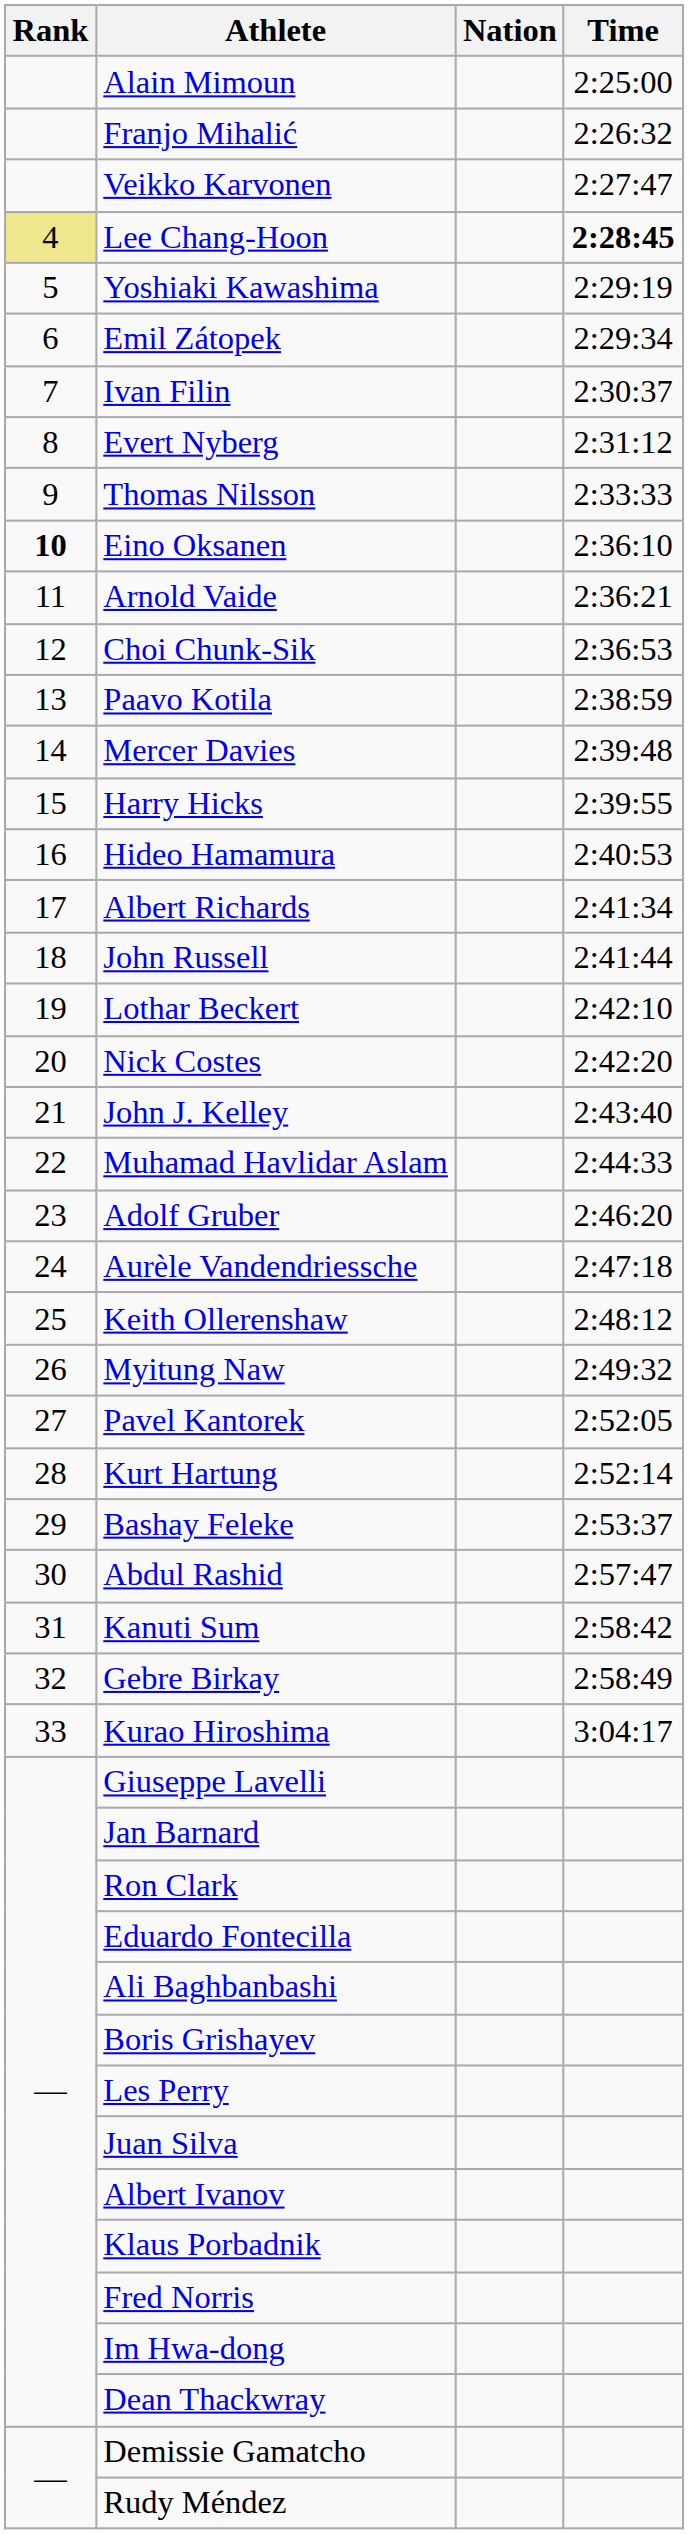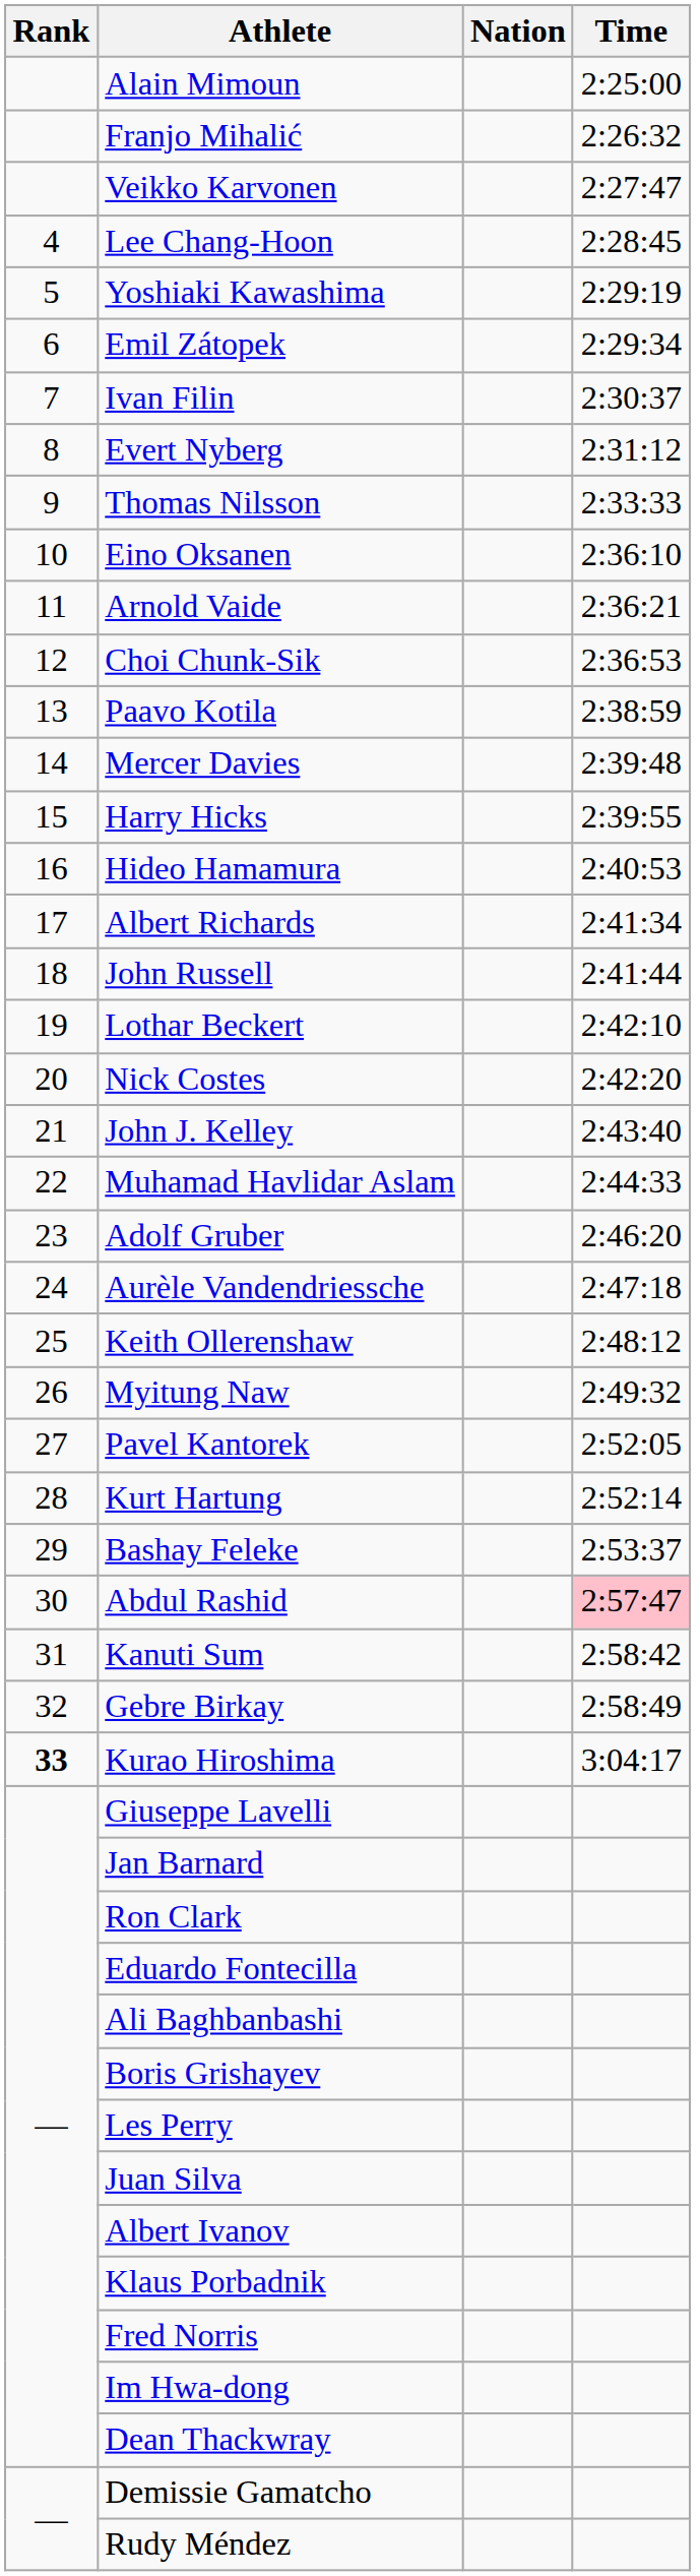 <table class="wikitable sortable" style="text-align:center">
 <tr>
 <th>Rank</th>
 <th>Athlete</th>
 <th>Nation</th>
 <th>Time</th>
 </tr>
 <tr>
 <td></td>
 <td align=left><a href='#'>Alain Mimoun</a></td>
 <td align=left></td>
 <td>2:25:00</td>
 </tr>
 <tr>
 <td></td>
 <td align=left><a href='#'>Franjo Mihalić</a></td>
 <td align=left></td>
 <td>2:26:32</td>
 </tr>
 <tr>
 <td></td>
 <td align=left><a href='#'>Veikko Karvonen</a></td>
 <td align=left></td>
 <td>2:27:47</td>
 </tr>
 <tr>
-<td style="background: khaki;">4</td>
+<td>4</td>
 <td align=left><a href='#'>Lee Chang-Hoon</a></td>
 <td align=left></td>
-<td><strong>2:28:45</strong></td>
+<td>2:28:45</td>
 </tr>
 <tr>
 <td>5</td>
 <td align=left><a href='#'>Yoshiaki Kawashima</a></td>
 <td align=left></td>
 <td>2:29:19</td>
 </tr>
 <tr>
 <td>6</td>
 <td align=left><a href='#'>Emil Zátopek</a></td>
 <td align=left></td>
 <td>2:29:34</td>
 </tr>
 <tr>
 <td>7</td>
 <td align=left><a href='#'>Ivan Filin</a></td>
 <td align=left></td>
 <td>2:30:37</td>
 </tr>
 <tr>
 <td>8</td>
 <td align=left><a href='#'>Evert Nyberg</a></td>
 <td align=left></td>
 <td>2:31:12</td>
 </tr>
 <tr>
 <td>9</td>
 <td align=left><a href='#'>Thomas Nilsson</a></td>
 <td align=left></td>
 <td>2:33:33</td>
 </tr>
 <tr>
-<td><strong>10</strong></td>
+<td>10</td>
 <td align=left><a href='#'>Eino Oksanen</a></td>
 <td align=left></td>
 <td>2:36:10</td>
 </tr>
 <tr>
 <td>11</td>
 <td align=left><a href='#'>Arnold Vaide</a></td>
 <td align=left></td>
 <td>2:36:21</td>
 </tr>
 <tr>
 <td>12</td>
 <td align=left><a href='#'>Choi Chunk-Sik</a></td>
 <td align=left></td>
 <td>2:36:53</td>
 </tr>
 <tr>
 <td>13</td>
 <td align=left><a href='#'>Paavo Kotila</a></td>
 <td align=left></td>
 <td>2:38:59</td>
 </tr>
 <tr>
 <td>14</td>
 <td align=left><a href='#'>Mercer Davies</a></td>
 <td align=left></td>
 <td>2:39:48</td>
 </tr>
 <tr>
 <td>15</td>
 <td align=left><a href='#'>Harry Hicks</a></td>
 <td align=left></td>
 <td>2:39:55</td>
 </tr>
 <tr>
 <td>16</td>
 <td align=left><a href='#'>Hideo Hamamura</a></td>
 <td align=left></td>
 <td>2:40:53</td>
 </tr>
 <tr>
 <td>17</td>
 <td align=left><a href='#'>Albert Richards</a></td>
 <td align=left></td>
 <td>2:41:34</td>
 </tr>
 <tr>
 <td>18</td>
 <td align=left><a href='#'>John Russell</a></td>
 <td align=left></td>
 <td>2:41:44</td>
 </tr>
 <tr>
 <td>19</td>
 <td align=left><a href='#'>Lothar Beckert</a></td>
 <td align=left></td>
 <td>2:42:10</td>
 </tr>
 <tr>
 <td>20</td>
 <td align=left><a href='#'>Nick Costes</a></td>
 <td align=left></td>
 <td>2:42:20</td>
 </tr>
 <tr>
 <td>21</td>
 <td align=left><a href='#'>John J. Kelley</a></td>
 <td align=left></td>
 <td>2:43:40</td>
 </tr>
 <tr>
 <td>22</td>
 <td align=left><a href='#'>Muhamad Havlidar Aslam</a></td>
 <td align=left></td>
 <td>2:44:33</td>
 </tr>
 <tr>
 <td>23</td>
 <td align=left><a href='#'>Adolf Gruber</a></td>
 <td align=left></td>
 <td>2:46:20</td>
 </tr>
 <tr>
 <td>24</td>
 <td align=left><a href='#'>Aurèle Vandendriessche</a></td>
 <td align=left></td>
 <td>2:47:18</td>
 </tr>
 <tr>
 <td>25</td>
 <td align=left><a href='#'>Keith Ollerenshaw</a></td>
 <td align=left></td>
 <td>2:48:12</td>
 </tr>
 <tr>
 <td>26</td>
 <td align=left><a href='#'>Myitung Naw</a></td>
 <td align=left></td>
 <td>2:49:32</td>
 </tr>
 <tr>
 <td>27</td>
 <td align=left><a href='#'>Pavel Kantorek</a></td>
 <td align=left></td>
 <td>2:52:05</td>
 </tr>
 <tr>
 <td>28</td>
 <td align=left><a href='#'>Kurt Hartung</a></td>
 <td align=left></td>
 <td>2:52:14</td>
 </tr>
 <tr>
 <td>29</td>
 <td align=left><a href='#'>Bashay Feleke</a></td>
 <td align=left></td>
 <td>2:53:37</td>
 </tr>
 <tr>
 <td>30</td>
 <td align=left><a href='#'>Abdul Rashid</a></td>
 <td align=left></td>
-<td>2:57:47</td>
+<td style="background: pink;">2:57:47</td>
 </tr>
 <tr>
 <td>31</td>
 <td align=left><a href='#'>Kanuti Sum</a></td>
 <td align=left></td>
 <td>2:58:42</td>
 </tr>
 <tr>
 <td>32</td>
 <td align=left><a href='#'>Gebre Birkay</a></td>
 <td align=left></td>
 <td>2:58:49</td>
 </tr>
 <tr>
-<td>33</td>
+<td><strong>33</strong></td>
 <td align=left><a href='#'>Kurao Hiroshima</a></td>
 <td align=left></td>
 <td>3:04:17</td>
 </tr>
 <tr>
 <td rowspan=13 data-sort-value=34>—</td>
 <td align=left><a href='#'>Giuseppe Lavelli</a></td>
 <td align=left></td>
 <td data-sort-value=4:00:00></td>
 </tr>
 <tr>
 <td align=left><a href='#'>Jan Barnard</a></td>
 <td align=left></td>
 <td data-sort-value=4:00:00></td>
 </tr>
 <tr>
 <td align=left><a href='#'>Ron Clark</a></td>
 <td align=left></td>
 <td data-sort-value=4:00:00></td>
 </tr>
 <tr>
 <td align=left><a href='#'>Eduardo Fontecilla</a></td>
 <td align=left></td>
 <td data-sort-value=4:00:00></td>
 </tr>
 <tr>
 <td align=left><a href='#'>Ali Baghbanbashi</a></td>
 <td align=left></td>
 <td data-sort-value=4:00:00></td>
 </tr>
 <tr>
 <td align=left><a href='#'>Boris Grishayev</a></td>
 <td align=left></td>
 <td data-sort-value=4:00:00></td>
 </tr>
 <tr>
 <td align=left><a href='#'>Les Perry</a></td>
 <td align=left></td>
 <td data-sort-value=4:00:00></td>
 </tr>
 <tr>
 <td align=left><a href='#'>Juan Silva</a></td>
 <td align=left></td>
 <td data-sort-value=4:00:00></td>
 </tr>
 <tr>
 <td align=left><a href='#'>Albert Ivanov</a></td>
 <td align=left></td>
 <td data-sort-value=4:00:00></td>
 </tr>
 <tr>
 <td align=left><a href='#'>Klaus Porbadnik</a></td>
 <td align=left></td>
 <td data-sort-value=4:00:00></td>
 </tr>
 <tr>
 <td align=left><a href='#'>Fred Norris</a></td>
 <td align=left></td>
 <td data-sort-value=4:00:00></td>
 </tr>
 <tr>
 <td align=left><a href='#'>Im Hwa-dong</a></td>
 <td align=left></td>
 <td data-sort-value=4:00:00></td>
 </tr>
 <tr>
 <td align=left><a href='#'>Dean Thackwray</a></td>
 <td align=left></td>
 <td data-sort-value=4:00:00></td>
 </tr>
 <tr>
 <td rowspan=2 data-sort-value=47>—</td>
 <td align=left>Demissie Gamatcho</td>
 <td align=left></td>
 <td data-sort-value=4:00:00></td>
 </tr>
 <tr>
 <td align=left>Rudy Méndez</td>
 <td align=left></td>
 <td data-sort-value=4:00:00></td>
 </tr>
 </table>
